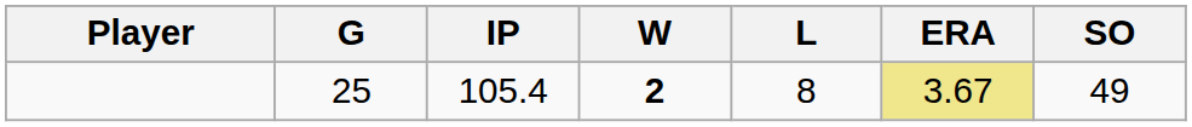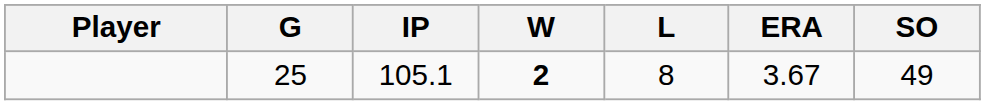 <table class="wikitable sortable">
 <tr>
 <th bgcolor="#DDDDFF" width="16%">Player</th>
 <th bgcolor="#DDDDFF" width="9%">G</th>
 <th bgcolor="#DDDDFF" width="9%">IP</th>
 <th bgcolor="#DDDDFF" width="9%">W</th>
 <th bgcolor="#DDDDFF" width="9%">L</th>
 <th bgcolor="#DDDDFF" width="9%">ERA</th>
 <th bgcolor="#DDDDFF" width="9%">SO</th>
 </tr>
 <tr align="center">
 <td></td>
 <td>25</td>
-<td>105.4</td>
+<td>105.1</td>
 <td><strong>2</strong></td>
 <td>8</td>
-<td style="background: khaki;">3.67</td>
+<td>3.67</td>
 <td>49</td>
 </tr>
 </table>
